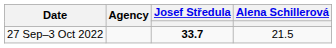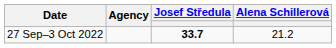 <table class="wikitable" style=text-align:center;font-size:85%;line-height:14px;">
 <tr>
 <th rowspan="2">Date</th>
 <th rowspan="2">Agency</th>
 <th><a href='#'>Josef Středula</a></th>
 <th><a href='#'>Alena Schillerová</a></th>
 </tr>
 <tr>
 <th style="background:"></th>
 <th style="background:"></th>
 </tr>
 <tr>
 <td>27 Sep–3 Oct 2022</td>
 <td></td>
 <td><strong>33.7</strong></td>
-<td>21.5</td>
+<td>21.2</td>
 </tr>
 </table>
